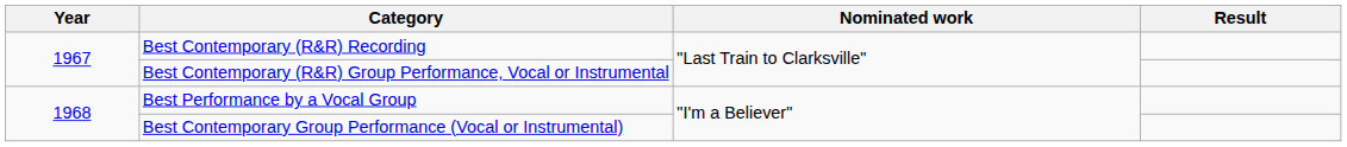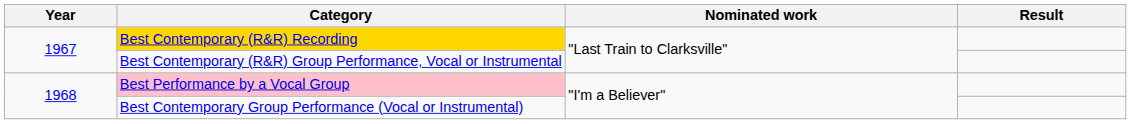 <table class="wikitable">
 <tr>
 <th style="width:10%;">Year</th>
 <th style="width:40%;">Category</th>
 <th style="width:35%;">Nominated work</th>
 <th style="width:15%;">Result</th>
 </tr>
 <tr>
 <td rowspan="2" style="text-align:center;"><a href='#'>1967</a></td>
-<td><a href='#'>Best Contemporary (R&R) Recording</a></td>
+<td style="background: gold;"><a href='#'>Best Contemporary (R&R) Recording</a></td>
 <td rowspan="2">"Last Train to Clarksville"</td>
 <td></td>
 </tr>
 <tr>
 <td><a href='#'>Best Contemporary (R&R) Group Performance, Vocal or Instrumental</a></td>
 <td></td>
 </tr>
 <tr>
 <td rowspan="2" style="text-align:center;"><a href='#'>1968</a></td>
-<td><a href='#'>Best Performance by a Vocal Group</a></td>
+<td style="background: pink;"><a href='#'>Best Performance by a Vocal Group</a></td>
 <td rowspan="2">"I'm a Believer"</td>
 <td></td>
 </tr>
 <tr>
 <td><a href='#'>Best Contemporary Group Performance (Vocal or Instrumental)</a></td>
 <td></td>
 </tr>
 </table>
